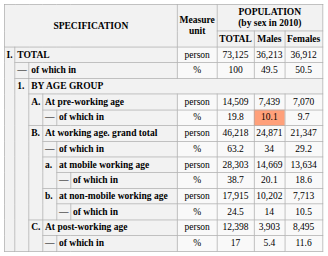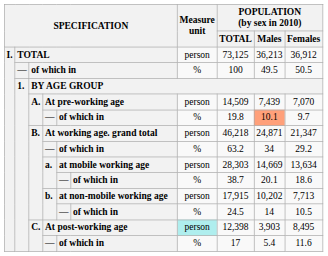 <table class="wikitable" style="font-size:85%; text-align:center">
 <tr>
 <th rowspan="2" colspan="6">SPECIFICATION</th>
 <th rowspan="2">Measure<br> unit</th>
 <th colspan="3" rowspan="1">POPULATION<br> (by sex in 2010)</th>
 </tr>
 <tr>
 <th>TOTAL</th>
 <th>Males</th>
 <th>Females</th>
 </tr>
 <tr>
 <th style="text-align:left" valign="top" rowspan="13">I.</th>
 <th style="text-align:left" colspan="5">TOTAL</th>
 <td>person</td>
 <td>73,125</td>
 <td>36,213</td>
 <td>36,912</td>
 </tr>
 <tr>
 <th style="text-align:left" valign="top">—</th>
 <th style="text-align:left" colspan="4">of which in</th>
 <td>%</td>
 <td>100</td>
 <td>49.5</td>
 <td>50.5</td>
 </tr>
 <tr>
 <th style="text-align:left" valign="top" rowspan="11">1.</th>
 <th style="text-align:left" colspan="19">BY AGE GROUP</th>
 </tr>
 <tr>
 <th style="text-align:left" valign="top" rowspan="2">A.</th>
 <th style="text-align:left" colspan="3">At pre-working age</th>
 <td>person</td>
 <td>14,509</td>
 <td>7,439</td>
 <td>7,070</td>
 </tr>
 <tr>
 <th style="text-align:left" valign="top">—</th>
 <th style="text-align:left" valign="top" colspan="2">of which in</th>
 <td>%</td>
 <td>19.8</td>
 <td style="background: lightsalmon;">10.1</td>
 <td>9.7</td>
 </tr>
 <tr>
 <th style="text-align:left" valign="top" rowspan="6">B.</th>
 <th style="text-align:left" colspan="3">At working age. grand total</th>
 <td>person</td>
 <td>46,218</td>
 <td>24,871</td>
 <td>21,347</td>
 </tr>
 <tr>
 <th style="text-align:left" valign="top">—</th>
 <th style="text-align:left" valign="top" colspan="2">of which in</th>
 <td>%</td>
 <td>63.2</td>
 <td>34</td>
 <td>29.2</td>
 </tr>
 <tr>
 <th style="text-align:left" valign="top" rowspan="2">a.</th>
 <th style="text-align:left" colspan="2">at mobile working age</th>
 <td>person</td>
 <td>28,303</td>
 <td>14,669</td>
 <td>13,634</td>
 </tr>
 <tr>
 <th style="text-align:left" valign="top">—</th>
 <th style="text-align:left" valign="top" colspan="1">of which in                        </th>
 <td>%</td>
 <td>38.7</td>
 <td>20.1</td>
 <td>18.6</td>
 </tr>
 <tr>
 <th style="text-align:left" valign="top" rowspan="2">b.</th>
 <th style="text-align:left" colspan="2">at non-mobile working age</th>
 <td>person</td>
 <td>17,915</td>
 <td>10,202</td>
 <td>7,713</td>
 </tr>
 <tr>
 <th style="text-align:left" valign="top">—</th>
 <th style="text-align:left" valign="top" colspan="1">of which in                        </th>
 <td>%</td>
 <td>24.5</td>
 <td>14</td>
 <td>10.5</td>
 </tr>
 <tr>
 <th style="text-align:left" valign="top" rowspan="2">C.</th>
 <th style="text-align:left" colspan="3">At post-working age</th>
-<td>person</td>
+<td style="background: paleturquoise;">person</td>
 <td>12,398</td>
 <td>3,903</td>
 <td>8,495</td>
 </tr>
 <tr>
 <th style="text-align:left" valign="top">—</th>
 <th style="text-align:left" valign="top" colspan="2">of which in</th>
 <td>%</td>
 <td>17</td>
 <td>5.4</td>
 <td>11.6</td>
 </tr>
 </table>
